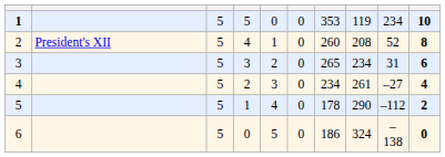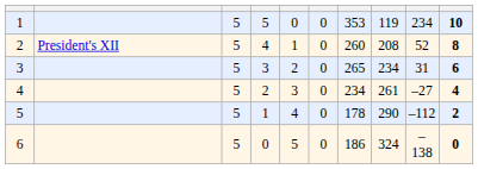 <table class="wikitable" style="text-align:center; font-size:95%">
 <tr>
 <th width="25"></th>
 <th width="200"></th>
 <th width="25"></th>
 <th width="25"></th>
 <th width="25"></th>
 <th width="25"></th>
 <th width="30"></th>
 <th width="30"></th>
 <th width="30"></th>
 <th width="30"></th>
 </tr>
 <tr style="background:#e6efff">
-<td><strong>1</strong></td>
+<td>1</td>
 <td style="text-align:left"></td>
 <td>5</td>
 <td>5</td>
 <td>0</td>
 <td>0</td>
 <td>353</td>
 <td>119</td>
 <td>234</td>
 <td><strong>10</strong></td>
 </tr>
 <tr style="background:#fff6e6">
 <td>2</td>
 <td style="text-align:left"> <a href='#'>President's XII</a> <em></em></td>
 <td>5</td>
 <td>4</td>
 <td>1</td>
 <td>0</td>
 <td>260</td>
 <td>208</td>
 <td>52</td>
 <td><strong>8</strong></td>
 </tr>
 <tr style="background:#e6efff">
 <td>3</td>
 <td style="text-align:left"></td>
 <td>5</td>
 <td>3</td>
 <td>2</td>
 <td>0</td>
 <td>265</td>
 <td>234</td>
 <td>31</td>
 <td><strong>6</strong></td>
 </tr>
 <tr style="background:#fff6e6">
 <td>4</td>
 <td style="text-align:left"></td>
 <td>5</td>
 <td>2</td>
 <td>3</td>
 <td>0</td>
 <td>234</td>
 <td>261</td>
 <td>–27</td>
 <td><strong>4</strong></td>
 </tr>
 <tr style="background:#e6efff">
 <td>5</td>
 <td style="text-align:left"></td>
 <td>5</td>
 <td>1</td>
 <td>4</td>
 <td>0</td>
 <td>178</td>
 <td>290</td>
 <td>–112</td>
 <td><strong>2</strong></td>
 </tr>
 <tr style="background:#fff6e6">
 <td>6</td>
 <td style="text-align:left"></td>
 <td>5</td>
 <td>0</td>
 <td>5</td>
 <td>0</td>
 <td>186</td>
 <td>324</td>
 <td>–138</td>
 <td><strong>0</strong></td>
 </tr>
 </table>
